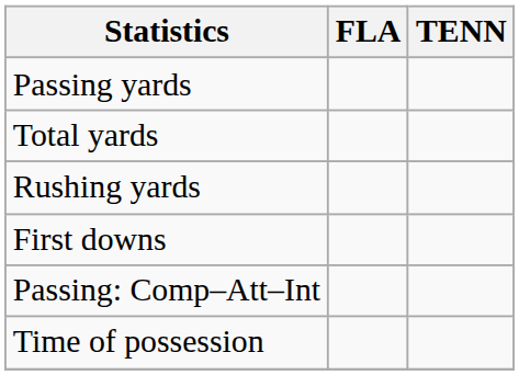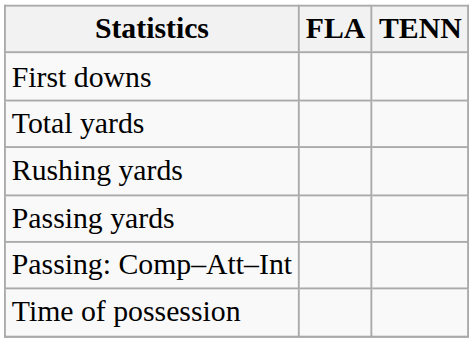 <table class="wikitable" style="float: left;">
 <tr>
 <th>Statistics</th>
 <th>FLA</th>
 <th>TENN</th>
 </tr>
 <tr>
-<td>Passing yards</td>
+<td>First downs</td>
 <td></td>
 <td></td>
 </tr>
 <tr>
 <td>Total yards</td>
 <td></td>
 <td></td>
 </tr>
 <tr>
 <td>Rushing yards</td>
 <td></td>
 <td></td>
 </tr>
 <tr>
-<td>First downs</td>
+<td>Passing yards</td>
 <td></td>
 <td></td>
 </tr>
 <tr>
 <td>Passing: Comp–Att–Int</td>
 <td></td>
 <td></td>
 </tr>
 <tr>
 <td>Time of possession</td>
 <td></td>
 <td></td>
 </tr>
 <tr>
 </tr>
 </table>
